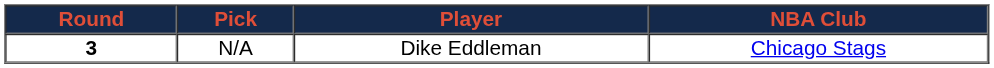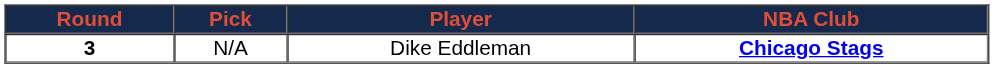 <table cellpadding="1" border="1" cellspacing="0" width="60%" style="text-align:center;">
 <tr style="background:#14294B; color:#DF4E38;">
 <td><strong>Round</strong></td>
 <td><strong>Pick</strong></td>
 <td><strong>Player</strong></td>
 <td><strong>NBA Club</strong></td>
 </tr>
 <tr align="center" bgcolor="">
 <td><strong>3</strong></td>
 <td>N/A</td>
 <td>Dike Eddleman</td>
-<td><a href='#'>Chicago Stags</a></td>
+<td><strong><a href='#'>Chicago Stags</a></strong></td>
 </tr>
 <tr align="center" bgcolor="">
 </tr>
 </table>
